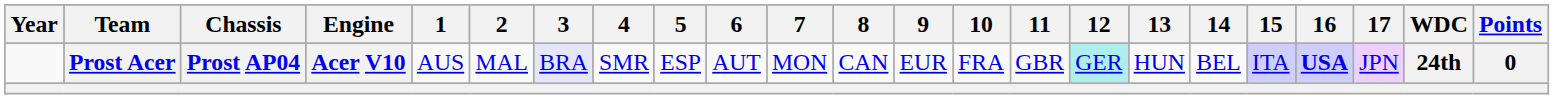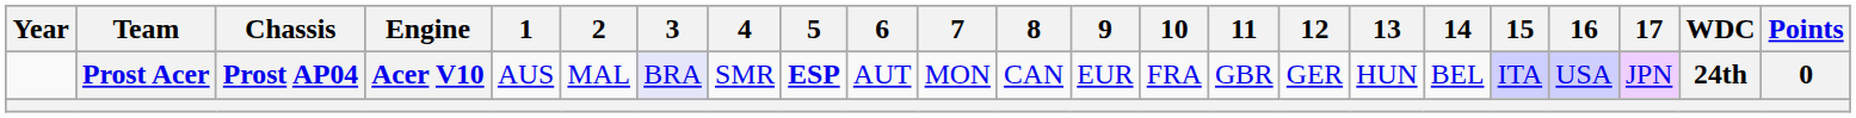 <table class="wikitable" style="text-align:center; font-size:85%">
 <tr>
 <th>Year</th>
 <th>Team</th>
 <th>Chassis</th>
 <th>Engine</th>
 <th>1</th>
 <th>2</th>
 <th>3</th>
 <th>4</th>
 <th>5</th>
 <th>6</th>
 <th>7</th>
 <th>8</th>
 <th>9</th>
 <th>10</th>
 <th>11</th>
 <th>12</th>
 <th>13</th>
 <th>14</th>
 <th>15</th>
 <th>16</th>
 <th>17</th>
 <th>WDC</th>
 <th><a href='#'>Points</a></th>
 </tr>
 <tr>
 <td></td>
 <th nowrap><a href='#'>Prost Acer</a></th>
 <th nowrap><a href='#'>Prost</a> <a href='#'>AP04</a></th>
 <th nowrap><a href='#'>Acer</a> <a href='#'>V10</a></th>
 <td><a href='#'>AUS</a></td>
 <td><a href='#'>MAL</a></td>
 <td style="background: lavender;"><a href='#'>BRA</a></td>
 <td><a href='#'>SMR</a></td>
-<td><a href='#'>ESP</a></td>
+<td><strong><a href='#'>ESP</a></strong></td>
 <td><a href='#'>AUT</a></td>
 <td><a href='#'>MON</a></td>
 <td><a href='#'>CAN</a></td>
 <td><a href='#'>EUR</a></td>
 <td><a href='#'>FRA</a></td>
 <td><a href='#'>GBR</a></td>
-<td style="background: paleturquoise;"><a href='#'>GER</a></td>
+<td><a href='#'>GER</a></td>
 <td><a href='#'>HUN</a></td>
 <td><a href='#'>BEL</a></td>
 <td style="background:#CFCFFF;"><a href='#'>ITA</a><br></td>
-<td style="background:#CFCFFF;"><strong><a href='#'>USA</a><br></strong></td>
+<td style="background:#CFCFFF;"><a href='#'>USA</a><br></td>
 <td style="background:#EFCFFF;"><a href='#'>JPN</a><br></td>
 <th>24th</th>
 <th>0</th>
 </tr>
 <tr>
 <th colspan="23"></th>
 </tr>
 </table>
